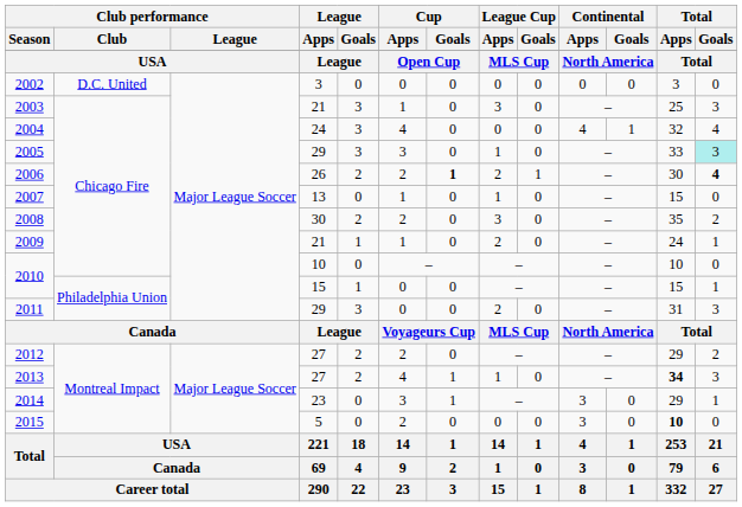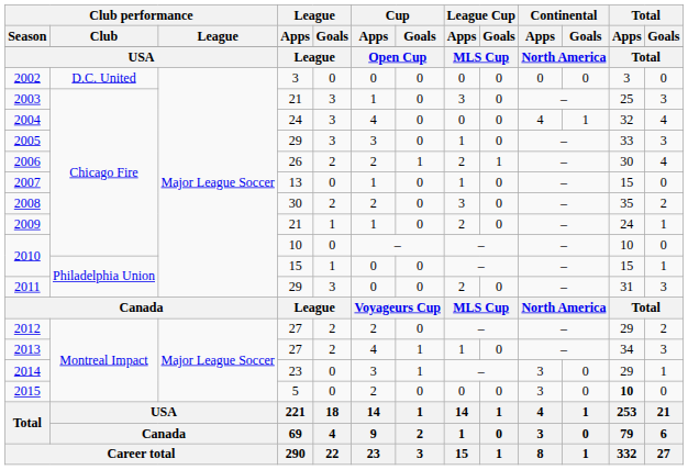 <table class="wikitable" style="text-align:center">
 <tr>
 <th colspan=3>Club performance</th>
 <th colspan=2>League</th>
 <th colspan=2>Cup</th>
 <th colspan=2>League Cup</th>
 <th colspan=2>Continental</th>
 <th colspan=2>Total</th>
 </tr>
 <tr>
 <th>Season</th>
 <th>Club</th>
 <th>League</th>
 <th>Apps</th>
 <th>Goals</th>
 <th>Apps</th>
 <th>Goals</th>
 <th>Apps</th>
 <th>Goals</th>
 <th>Apps</th>
 <th>Goals</th>
 <th>Apps</th>
 <th>Goals</th>
 </tr>
 <tr>
 </tr>
 <tr>
 <th colspan=3>USA</th>
 <th colspan=2>League</th>
 <th colspan=2><a href='#'>Open Cup</a></th>
 <th colspan=2><a href='#'>MLS Cup</a></th>
 <th colspan=2><a href='#'>North America</a></th>
 <th colspan=2>Total</th>
 </tr>
 <tr>
 <td><a href='#'>2002</a></td>
 <td rowspan="1"><a href='#'>D.C. United</a></td>
 <td rowspan="11"><a href='#'>Major League Soccer</a></td>
 <td>3</td>
 <td>0</td>
 <td>0</td>
 <td>0</td>
 <td>0</td>
 <td>0</td>
 <td>0</td>
 <td>0</td>
 <td>3</td>
 <td>0</td>
 </tr>
 <tr>
 <td><a href='#'>2003</a></td>
 <td rowspan="8"><a href='#'>Chicago Fire</a></td>
 <td>21</td>
 <td>3</td>
 <td>1</td>
 <td>0</td>
 <td>3</td>
 <td>0</td>
 <td colspan="2">–</td>
 <td>25</td>
 <td>3</td>
 </tr>
 <tr>
 <td><a href='#'>2004</a></td>
 <td>24</td>
 <td>3</td>
 <td>4</td>
 <td>0</td>
 <td>0</td>
 <td>0</td>
 <td>4</td>
 <td>1</td>
 <td>32</td>
 <td>4</td>
 </tr>
 <tr>
 <td><a href='#'>2005</a></td>
 <td>29</td>
 <td>3</td>
 <td>3</td>
 <td>0</td>
 <td>1</td>
 <td>0</td>
 <td colspan="2">–</td>
 <td>33</td>
-<td style="background: paleturquoise;">3</td>
+<td>3</td>
 </tr>
 <tr>
 <td><a href='#'>2006</a></td>
 <td>26</td>
 <td>2</td>
 <td>2</td>
-<td><strong>1</strong></td>
+<td>1</td>
 <td>2</td>
 <td>1</td>
 <td colspan="2">–</td>
 <td>30</td>
-<td><strong>4</strong></td>
+<td>4</td>
 </tr>
 <tr>
 <td><a href='#'>2007</a></td>
 <td>13</td>
 <td>0</td>
 <td>1</td>
 <td>0</td>
 <td>1</td>
 <td>0</td>
 <td colspan="2">–</td>
 <td>15</td>
 <td>0</td>
 </tr>
 <tr>
 <td><a href='#'>2008</a></td>
 <td>30</td>
 <td>2</td>
 <td>2</td>
 <td>0</td>
 <td>3</td>
 <td>0</td>
 <td colspan="2">–</td>
 <td>35</td>
 <td>2</td>
 </tr>
 <tr>
 <td><a href='#'>2009</a></td>
 <td>21</td>
 <td>1</td>
 <td>1</td>
 <td>0</td>
 <td>2</td>
 <td>0</td>
 <td colspan="2">–</td>
 <td>24</td>
 <td>1</td>
 </tr>
 <tr>
 <td rowspan="2"><a href='#'>2010</a></td>
 <td>10</td>
 <td>0</td>
 <td colspan="2">–</td>
 <td colspan="2">–</td>
 <td colspan="2">–</td>
 <td>10</td>
 <td>0</td>
 </tr>
 <tr>
 <td rowspan="2"><a href='#'>Philadelphia Union</a></td>
 <td>15</td>
 <td>1</td>
 <td>0</td>
 <td>0</td>
 <td colspan="2">–</td>
 <td colspan="2">–</td>
 <td>15</td>
 <td>1</td>
 </tr>
 <tr>
 <td><a href='#'>2011</a></td>
 <td>29</td>
 <td>3</td>
 <td>0</td>
 <td>0</td>
 <td>2</td>
 <td>0</td>
 <td colspan="2">–</td>
 <td>31</td>
 <td>3</td>
 </tr>
 <tr>
 <th colspan=3>Canada</th>
 <th colspan=2>League</th>
 <th colspan=2><a href='#'>Voyageurs Cup</a></th>
 <th colspan=2><a href='#'>MLS Cup</a></th>
 <th colspan=2><a href='#'>North America</a></th>
 <th colspan=2>Total</th>
 </tr>
 <tr>
 <td><a href='#'>2012</a></td>
 <td rowspan="4"><a href='#'>Montreal Impact</a></td>
 <td rowspan="4"><a href='#'>Major League Soccer</a></td>
 <td>27</td>
 <td>2</td>
 <td>2</td>
 <td>0</td>
 <td colspan="2">–</td>
 <td colspan="2">–</td>
 <td>29</td>
 <td>2</td>
 </tr>
 <tr>
 <td><a href='#'>2013</a></td>
 <td>27</td>
 <td>2</td>
 <td>4</td>
 <td>1</td>
 <td>1</td>
 <td>0</td>
 <td colspan="2">–</td>
-<td><strong>34</strong></td>
+<td>34</td>
 <td>3</td>
 </tr>
 <tr>
 <td><a href='#'>2014</a></td>
 <td>23</td>
 <td>0</td>
 <td>3</td>
 <td>1</td>
 <td colspan="2">–</td>
 <td>3</td>
 <td>0</td>
 <td>29</td>
 <td>1</td>
 </tr>
 <tr>
 <td><a href='#'>2015</a></td>
 <td>5</td>
 <td>0</td>
 <td>2</td>
 <td>0</td>
 <td>0</td>
 <td>0</td>
 <td>3</td>
 <td>0</td>
 <td><strong>10</strong></td>
 <td>0</td>
 </tr>
 <tr>
 <th rowspan=2>Total</th>
 <th colspan=2>USA</th>
 <th>221</th>
 <th>18</th>
 <th>14</th>
 <th>1</th>
 <th>14</th>
 <th>1</th>
 <th>4</th>
 <th>1</th>
 <th>253</th>
 <th>21</th>
 </tr>
 <tr>
 <th colspan=2>Canada</th>
 <th>69</th>
 <th>4</th>
 <th>9</th>
 <th>2</th>
 <th>1</th>
 <th>0</th>
 <th>3</th>
 <th>0</th>
 <th>79</th>
 <th>6</th>
 </tr>
 <tr>
 <th colspan=3>Career total</th>
 <th>290</th>
 <th>22</th>
 <th>23</th>
 <th>3</th>
 <th>15</th>
 <th>1</th>
 <th>8</th>
 <th>1</th>
 <th>332</th>
 <th>27</th>
 </tr>
 </table>
